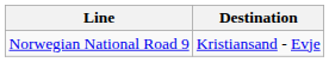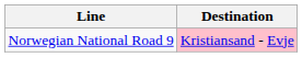 <table class="wikitable sortable">
 <tr>
 <th>Line</th>
 <th>Destination</th>
 </tr>
 <tr>
 <td><a href='#'>Norwegian National Road 9</a></td>
-<td><a href='#'>Kristiansand</a> - <a href='#'>Evje</a></td>
+<td style="background: pink;"><a href='#'>Kristiansand</a> - <a href='#'>Evje</a></td>
 </tr>
 </table>
